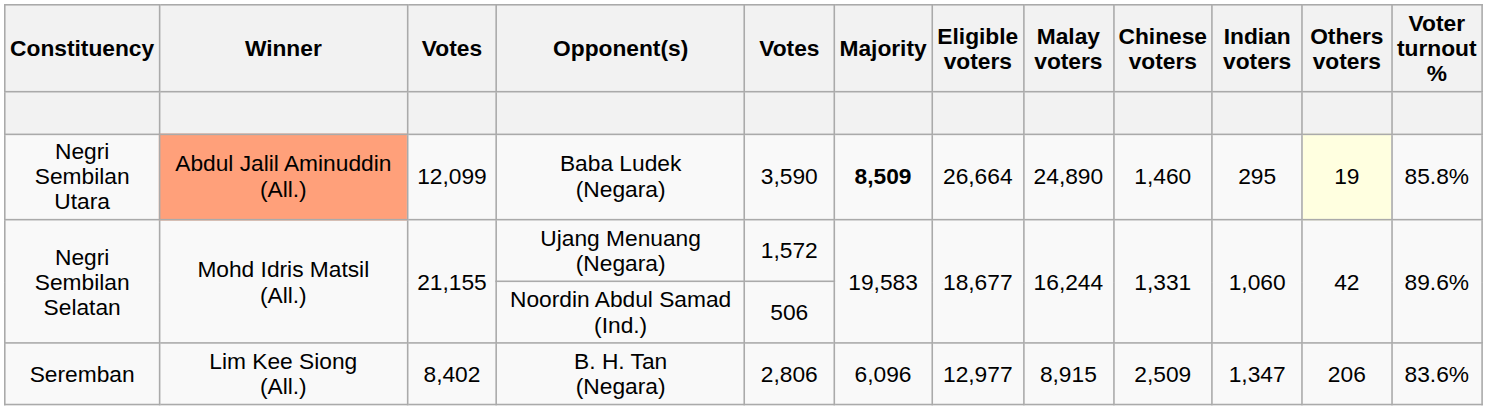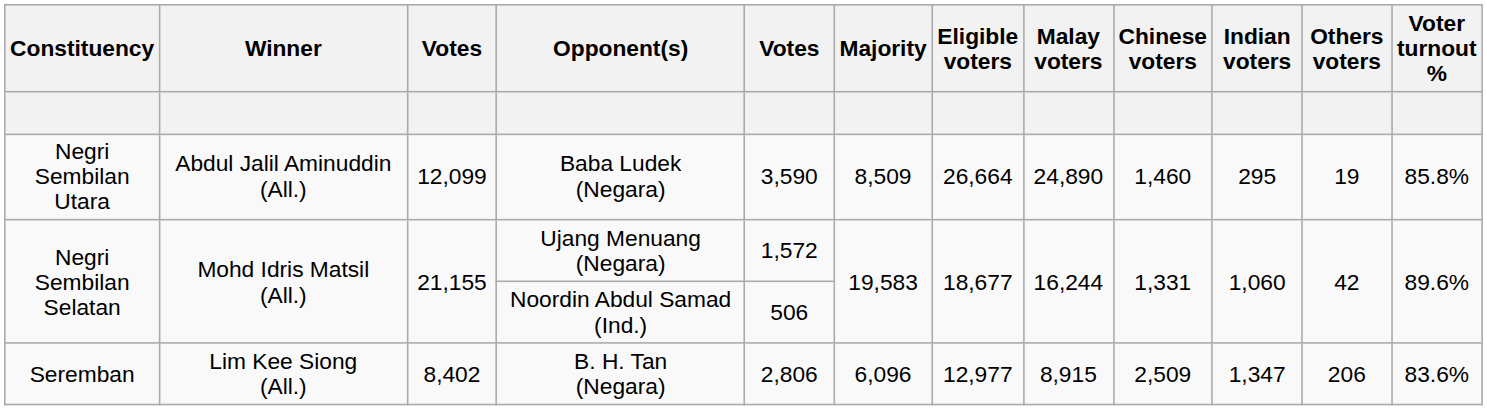 <table class="wikitable sortable" style="text-align:center; font-size:90%">
 <tr>
 <th width="60">Constituency</th>
 <th width="150">Winner</th>
 <th width="50">Votes</th>
 <th width="150">Opponent(s)</th>
 <th width="50">Votes</th>
 <th width="50">Majority</th>
 <th width="50">Eligible voters</th>
 <th width="50">Malay voters</th>
 <th width="50">Chinese voters</th>
 <th width="50">Indian voters</th>
 <th width="50">Others voters</th>
 <th width="50">Voter turnout %</th>
 </tr>
 <tr>
 <th height="20"></th>
 <th></th>
 <th></th>
 <th></th>
 <th></th>
 <th></th>
 <th></th>
 <th></th>
 <th></th>
 <th></th>
 <th></th>
 <th></th>
 </tr>
 <tr>
 <td>Negri Sembilan Utara</td>
-<td style="background: lightsalmon;">Abdul Jalil Aminuddin<br>(All.)</td>
+<td>Abdul Jalil Aminuddin<br>(All.)</td>
 <td>12,099</td>
 <td>Baba Ludek<br>(Negara)</td>
 <td>3,590</td>
-<td><strong>8,509</strong></td>
+<td>8,509</td>
 <td>26,664</td>
 <td>24,890</td>
 <td>1,460</td>
 <td>295</td>
-<td style="background: lightyellow;">19</td>
+<td>19</td>
 <td>85.8%</td>
 </tr>
 <tr>
 <td rowspan=2>Negri Sembilan Selatan</td>
 <td rowspan=2>Mohd Idris Matsil<br>(All.)</td>
 <td rowspan=2>21,155</td>
 <td>Ujang Menuang<br>(Negara)</td>
 <td>1,572</td>
 <td rowspan=2>19,583</td>
 <td rowspan=2>18,677</td>
 <td rowspan=2>16,244</td>
 <td rowspan=2>1,331</td>
 <td rowspan=2>1,060</td>
 <td rowspan=2>42</td>
 <td rowspan=2>89.6%</td>
 </tr>
 <tr>
 <td>Noordin Abdul Samad<br>(Ind.)</td>
 <td>506</td>
 </tr>
 <tr>
 <td>Seremban</td>
 <td>Lim Kee Siong<br>(All.)</td>
 <td>8,402</td>
 <td>B. H. Tan<br>(Negara)</td>
 <td>2,806</td>
 <td>6,096</td>
 <td>12,977</td>
 <td>8,915</td>
 <td>2,509</td>
 <td>1,347</td>
 <td>206</td>
 <td>83.6%</td>
 </tr>
 </table>
